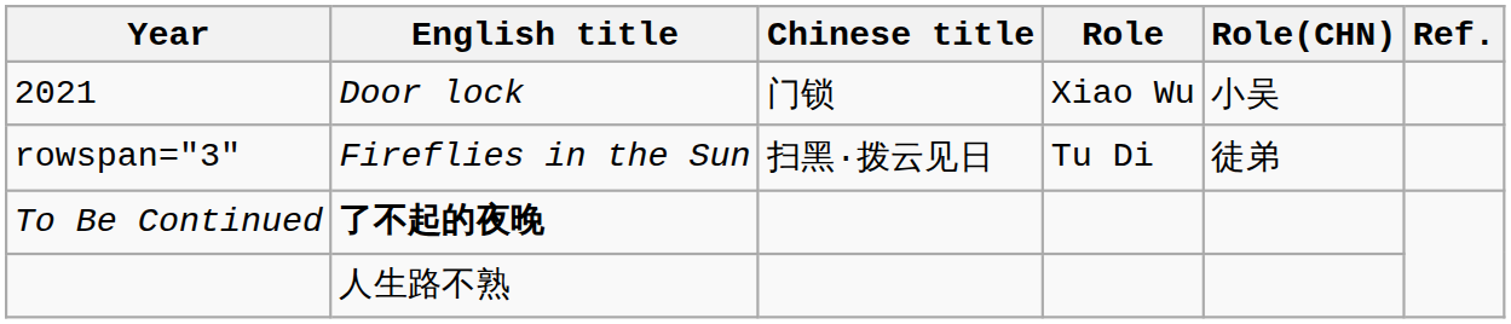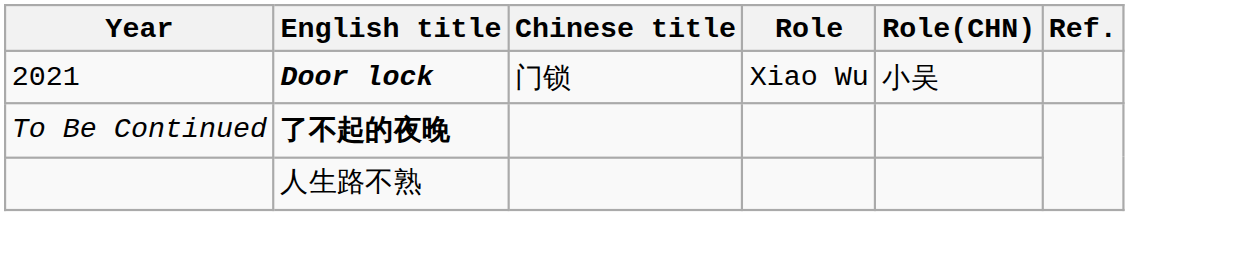 <table class="wikitable">
 <tr>
 <th>Year</th>
 <th>English title</th>
 <th>Chinese title</th>
 <th>Role</th>
 <th>Role(CHN)</th>
 <th>Ref.</th>
 </tr>
 <tr>
 <td>2021</td>
-<td><em>Door lock</em></td>
+<td><strong><em>Door lock</em></strong></td>
 <td>门锁</td>
 <td>Xiao Wu</td>
 <td>小吴</td>
-<td></td>
-</tr>
-<tr>
-<td>rowspan="3" </td>
-<td><em>Fireflies in the Sun</em></td>
-<td>扫黑·拨云见日</td>
-<td>Tu Di</td>
-<td>徒弟</td>
 <td></td>
 </tr>
 <tr>
 <td><em>To Be Continued</em></td>
 <td><strong>了不起的夜晚</strong></td>
 <td></td>
 <td></td>
 <td></td>
 </tr>
 <tr>
 <td></td>
 <td>人生路不熟</td>
 <td></td>
 <td></td>
 <td></td>
 </tr>
 </table>
